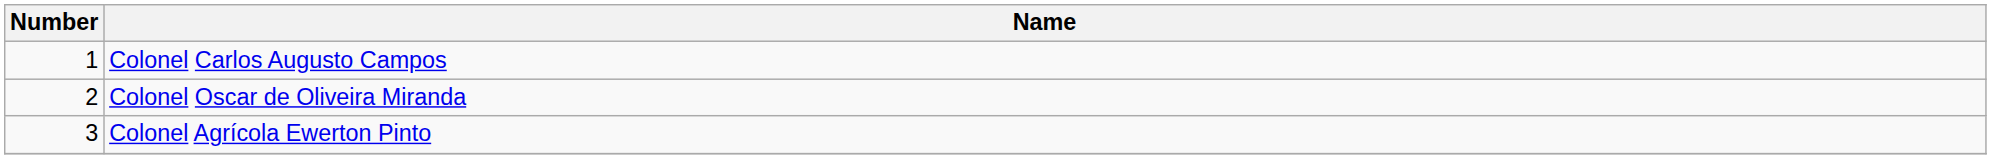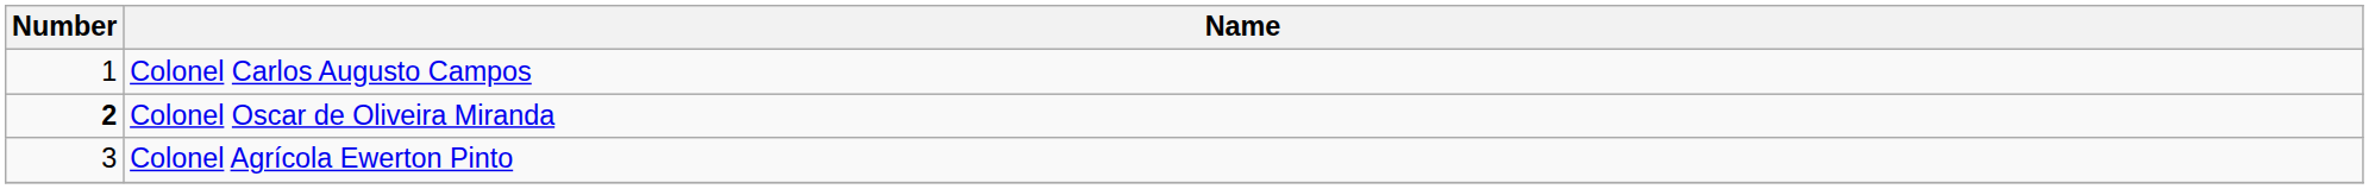 <table class="wikitable">
 <tr>
 <th width="5%">Number</th>
 <th>Name</th>
 </tr>
 <tr>
 <td align=right>1</td>
 <td rowspan=1><a href='#'>Colonel</a> <a href='#'>Carlos Augusto Campos</a></td>
 </tr>
 <tr>
-<td align=right>2</td>
+<td align=right><strong>2</strong></td>
 <td><a href='#'>Colonel</a> <a href='#'>Oscar de Oliveira Miranda</a></td>
 </tr>
 <tr>
 <td align=right>3</td>
 <td><a href='#'>Colonel</a> <a href='#'>Agrícola Ewerton Pinto</a></td>
 </tr>
 <tr>
 </tr>
 </table>
